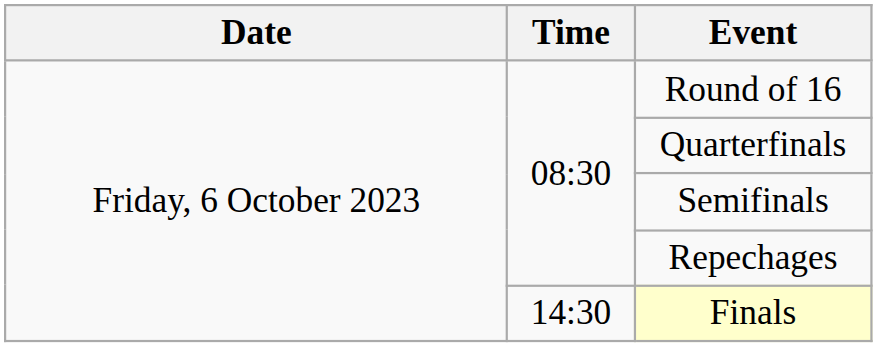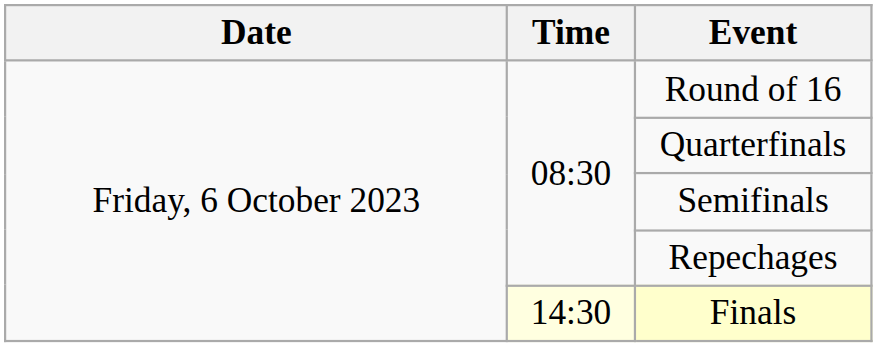 <table class = "wikitable" style="text-align:center;">
 <tr>
 <th width=220>Date</th>
 <th width=50>Time</th>
 <th width=100>Event</th>
 </tr>
 <tr>
 <td rowspan=5>Friday, 6 October 2023</td>
 <td rowspan=4>08:30</td>
 <td>Round of 16</td>
 </tr>
 <tr>
 <td>Quarterfinals</td>
 </tr>
 <tr>
 <td>Semifinals</td>
 </tr>
 <tr>
 <td>Repechages</td>
 </tr>
 <tr>
-<td>14:30</td>
+<td style="background: lightyellow;">14:30</td>
 <td bgcolor=ffffcc>Finals</td>
 </tr>
 </table>
